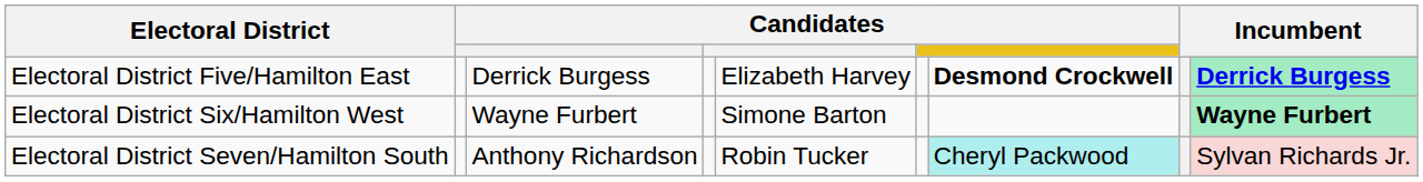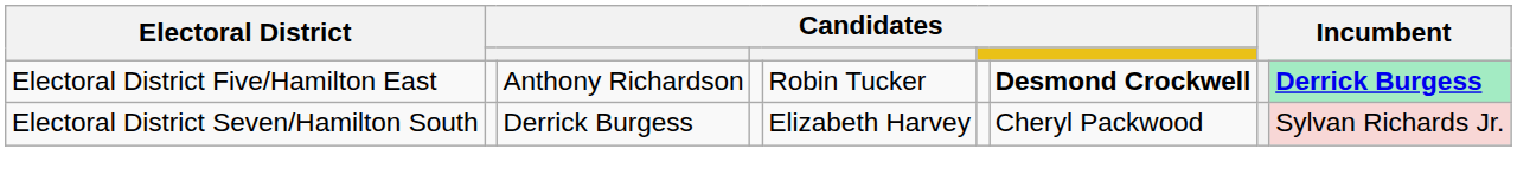 <table class="wikitable">
 <tr>
 <th rowspan="2">Electoral District</th>
 <th colspan="6">Candidates</th>
 <th colspan="2" rowspan="2">Incumbent</th>
 </tr>
 <tr>
 <th colspan="2" style="background:"><a href='#'></a></th>
 <th colspan="2" style="background:"><a href='#'></a></th>
 <td colspan="2" style="background:#EAC117"><a href='#'></a></td>
 </tr>
 <tr>
 <td>Electoral District Five/Hamilton East</td>
 <td></td>
-<td>Derrick Burgess</td>
+<td>Anthony Richardson</td>
 <td></td>
-<td>Elizabeth Harvey</td>
+<td>Robin Tucker</td>
 <td></td>
 <td><strong>Desmond Crockwell</strong></td>
 <th style="background:"></th>
 <td style="background:#a3ebc3"><a href='#'><strong>Derrick Burgess</strong></a></td>
 </tr>
 <tr>
-<td>Electoral District Six/Hamilton West</td>
-<td></td>
-<td>Wayne Furbert</td>
-<td></td>
-<td>Simone Barton</td>
-<td></td>
-<td></td>
-<th style="background:"></th>
-<td style="background:#a3ebc3"><strong>Wayne Furbert</strong></td>
-</tr>
-<tr>
 <td>Electoral District Seven/Hamilton South</td>
 <td></td>
-<td>Anthony Richardson</td>
+<td>Derrick Burgess</td>
 <td></td>
-<td>Robin Tucker</td>
+<td>Elizabeth Harvey</td>
 <td></td>
-<td style="background: paleturquoise;">Cheryl Packwood</td>
+<td>Cheryl Packwood</td>
 <th style="background:"></th>
 <td style="background:#F8D7D6;">Sylvan Richards Jr.</td>
 </tr>
 </table>
